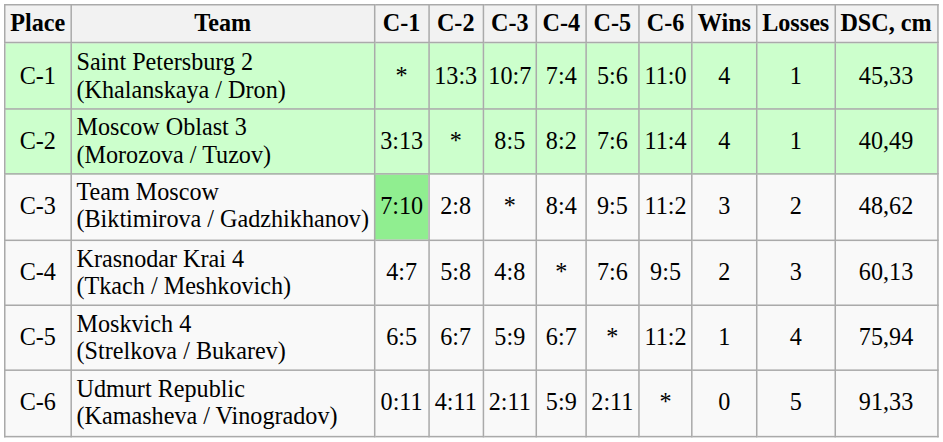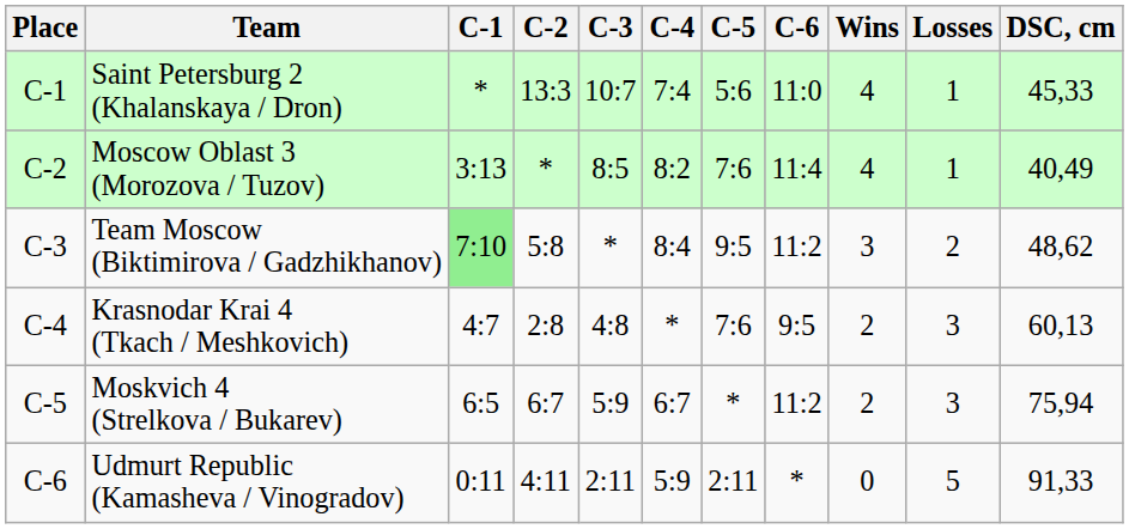 <table class="wikitable" style="text-align:center;">
 <tr>
 <th>Place</th>
 <th>Team</th>
 <th width="25">C-1</th>
 <th width="25">C-2</th>
 <th width="25">C-3</th>
 <th width="25">C-4</th>
 <th width="25">C-5</th>
 <th width="25">C-6</th>
 <th width="20">Wins</th>
 <th width="20">Losses</th>
 <th>DSC, cm</th>
 </tr>
 <tr bgcolor=#cfc>
 <td>C-1</td>
 <td align=left>Saint Petersburg 2<br>(Khalanskaya / Dron)</td>
 <td>*</td>
 <td>13:3</td>
 <td>10:7</td>
 <td>7:4</td>
 <td>5:6</td>
 <td>11:0</td>
 <td>4</td>
 <td>1</td>
 <td>45,33</td>
 </tr>
 <tr bgcolor=#cfc>
 <td>C-2</td>
 <td align=left>Moscow Oblast 3<br>(Morozova / Tuzov)</td>
 <td>3:13</td>
 <td>*</td>
 <td>8:5</td>
 <td>8:2</td>
 <td>7:6</td>
 <td>11:4</td>
 <td>4</td>
 <td>1</td>
 <td>40,49</td>
 </tr>
 <tr>
 <td>C-3</td>
 <td align=left>Team Moscow<br>(Biktimirova / Gadzhikhanov)</td>
 <td style="background: lightgreen;">7:10</td>
-<td>2:8</td>
+<td>5:8</td>
 <td>*</td>
 <td>8:4</td>
 <td>9:5</td>
 <td>11:2</td>
 <td>3</td>
 <td>2</td>
 <td>48,62</td>
 </tr>
 <tr>
 <td>C-4</td>
 <td align=left>Krasnodar Krai 4<br>(Tkach / Meshkovich)</td>
 <td>4:7</td>
-<td>5:8</td>
+<td>2:8</td>
 <td>4:8</td>
 <td>*</td>
 <td>7:6</td>
 <td>9:5</td>
 <td>2</td>
 <td>3</td>
 <td>60,13</td>
 </tr>
 <tr>
 <td>C-5</td>
 <td align=left>Moskvich 4<br>(Strelkova / Bukarev)</td>
 <td>6:5</td>
 <td>6:7</td>
 <td>5:9</td>
 <td>6:7</td>
 <td>*</td>
 <td>11:2</td>
-<td>1</td>
-<td>4</td>
+<td>2</td>
+<td>3</td>
 <td>75,94</td>
 </tr>
 <tr>
 <td>C-6</td>
 <td align=left>Udmurt Republic<br>(Kamasheva / Vinogradov)</td>
 <td>0:11</td>
 <td>4:11</td>
 <td>2:11</td>
 <td>5:9</td>
 <td>2:11</td>
 <td>*</td>
 <td>0</td>
 <td>5</td>
 <td>91,33</td>
 </tr>
 </table>
